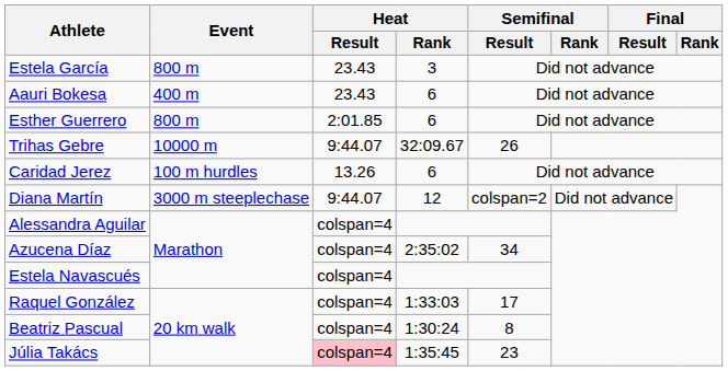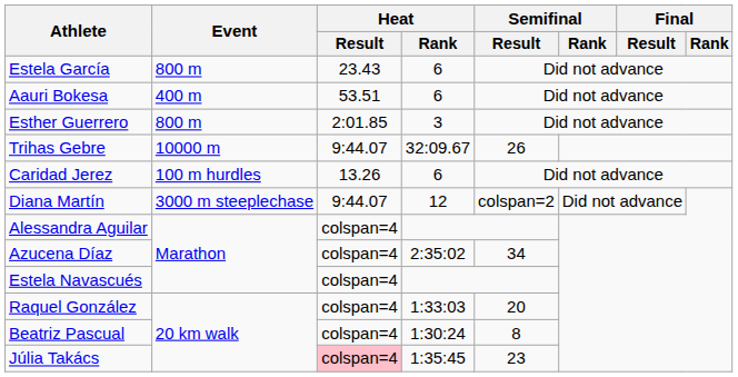 <table class="wikitable" style="font-size:90%">
 <tr>
 <th rowspan="2">Athlete</th>
 <th rowspan="2">Event</th>
 <th colspan="2">Heat</th>
 <th colspan="2">Semifinal</th>
 <th colspan="2">Final</th>
 </tr>
 <tr style="font-size:95%">
 <th>Result</th>
 <th>Rank</th>
 <th>Result</th>
 <th>Rank</th>
 <th>Result</th>
 <th>Rank</th>
 </tr>
 <tr align=center>
 <td align=left><a href='#'>Estela García</a></td>
 <td align=left><a href='#'>800 m</a></td>
 <td>23.43</td>
-<td>3</td>
+<td>6</td>
 <td colspan=4>Did not advance</td>
 </tr>
 <tr align=center>
 <td align=left><a href='#'>Aauri Bokesa</a></td>
 <td align=left><a href='#'>400 m</a></td>
-<td>23.43</td>
+<td>53.51</td>
 <td>6</td>
 <td colspan=4>Did not advance</td>
 </tr>
 <tr align=center>
 <td align=left><a href='#'>Esther Guerrero</a></td>
 <td align=left><a href='#'>800 m</a></td>
 <td>2:01.85</td>
-<td>6</td>
+<td>3</td>
 <td colspan=4>Did not advance</td>
 </tr>
 <tr align=center>
 <td align=left><a href='#'>Trihas Gebre</a></td>
 <td align=left><a href='#'>10000 m</a></td>
 <td>9:44.07</td>
 <td>32:09.67</td>
 <td>26</td>
 </tr>
 <tr align=center>
 <td align=left><a href='#'>Caridad Jerez</a></td>
 <td align=left><a href='#'>100 m hurdles</a></td>
 <td>13.26</td>
 <td>6</td>
 <td colspan=4>Did not advance</td>
 </tr>
 <tr align=center>
 <td align=left><a href='#'>Diana Martín</a></td>
 <td align=left><a href='#'>3000 m steeplechase</a></td>
 <td>9:44.07</td>
 <td>12</td>
 <td>colspan=2 </td>
 <td colspan=2>Did not advance</td>
 </tr>
 <tr align=center>
 <td align=left><a href='#'>Alessandra Aguilar</a></td>
 <td style="text-align:left;" rowspan="3"><a href='#'>Marathon</a></td>
 <td>colspan=4 </td>
 <td colspan=2></td>
 </tr>
 <tr align=center>
 <td align=left><a href='#'>Azucena Díaz</a></td>
 <td>colspan=4 </td>
 <td>2:35:02</td>
 <td>34</td>
 </tr>
 <tr align=center>
 <td align=left><a href='#'>Estela Navascués</a></td>
 <td>colspan=4 </td>
 <td colspan=2></td>
 </tr>
 <tr align=center>
 <td align=left><a href='#'>Raquel González</a></td>
 <td style="text-align:left;" rowspan="3"><a href='#'>20 km walk</a></td>
 <td>colspan=4 </td>
 <td>1:33:03</td>
-<td>17</td>
+<td>20</td>
 </tr>
 <tr align=center>
 <td align=left><a href='#'>Beatriz Pascual</a></td>
 <td>colspan=4 </td>
 <td>1:30:24</td>
 <td>8</td>
 </tr>
 <tr align=center>
 <td align=left><a href='#'>Júlia Takács</a></td>
 <td style="background: pink;">colspan=4 </td>
 <td>1:35:45</td>
 <td>23</td>
 </tr>
 </table>
